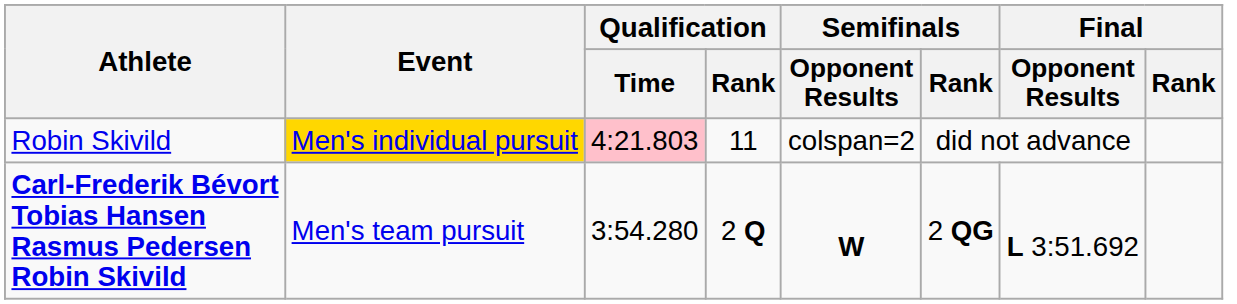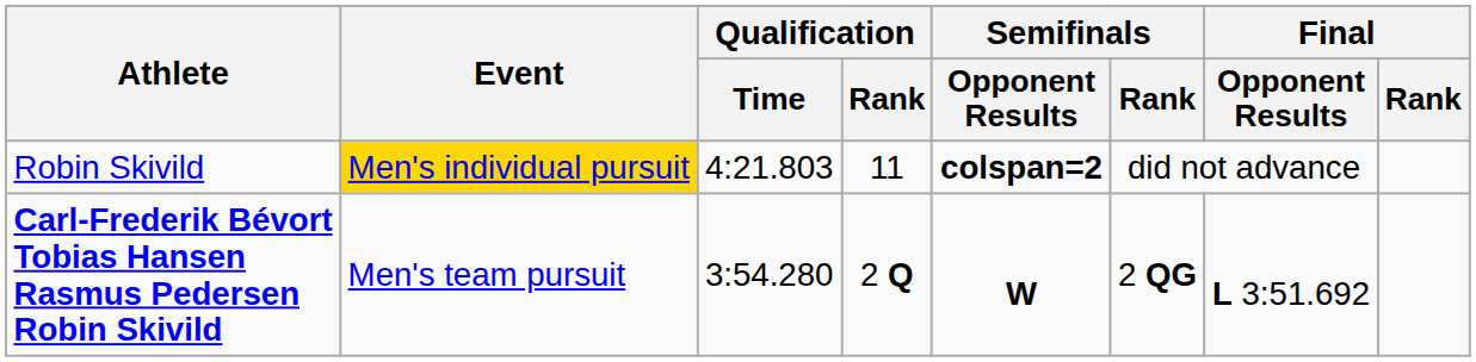 <table class="wikitable" style="font-size:90%">
 <tr>
 <th rowspan=2>Athlete</th>
 <th rowspan=2>Event</th>
 <th colspan=2>Qualification</th>
 <th colspan=2>Semifinals</th>
 <th colspan=2>Final</th>
 </tr>
 <tr style="font-size:95%">
 <th>Time</th>
 <th>Rank</th>
 <th>Opponent<br>Results</th>
 <th>Rank</th>
 <th>Opponent<br>Results</th>
 <th>Rank</th>
 </tr>
 <tr align=center>
 <td align=left><a href='#'>Robin Skivild</a></td>
 <td align=left style="background: gold;"><a href='#'>Men's individual pursuit</a></td>
-<td style="background: pink;">4:21.803</td>
+<td>4:21.803</td>
 <td>11</td>
-<td>colspan=2</td>
+<td><strong>colspan=2</strong></td>
 <td colspan=2>did not advance</td>
 </tr>
 <tr align=center>
 <td align=left><strong><a href='#'>Carl-Frederik Bévort</a><br><a href='#'>Tobias Hansen</a><br><a href='#'>Rasmus Pedersen</a><br><a href='#'>Robin Skivild</a></strong></td>
 <td align=left><a href='#'>Men's team pursuit</a></td>
 <td>3:54.280</td>
 <td>2 <strong>Q</strong></td>
 <td><br><strong>W</strong> </td>
 <td>2 <strong>QG</strong></td>
 <td><br><strong>L</strong> 3:51.692</td>
 <td></td>
 </tr>
 </table>
